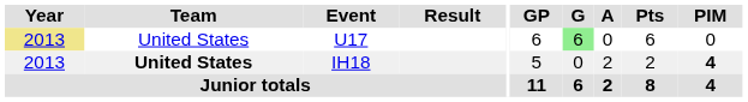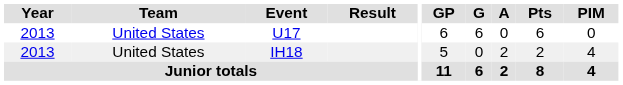 <table border="0" cellpadding="1" cellspacing="0" ID="Table3" style="text-align:center; width:40em">
 <tr ALIGN="center" bgcolor="#e0e0e0">
 <th>Year</th>
 <th>Team</th>
 <th>Event</th>
 <th>Result</th>
 <th rowspan="98" bgcolor="#ffffff"></th>
 <th>GP</th>
 <th>G</th>
 <th>A</th>
 <th>Pts</th>
 <th>PIM</th>
 </tr>
 <tr>
-<td style="background: khaki;"><a href='#'>2013</a></td>
+<td><a href='#'>2013</a></td>
 <td><a href='#'>United States</a></td>
 <td><a href='#'>U17</a></td>
 <td></td>
 <td>6</td>
-<td style="background: lightgreen;">6</td>
+<td>6</td>
 <td>0</td>
 <td>6</td>
 <td>0</td>
 </tr>
 <tr bgcolor="#f0f0f0">
 <td><a href='#'>2013</a></td>
-<td><strong>United States</strong></td>
+<td>United States</td>
 <td><a href='#'>IH18</a></td>
 <td></td>
 <td>5</td>
 <td>0</td>
 <td>2</td>
 <td>2</td>
-<td><strong>4</strong></td>
+<td>4</td>
 </tr>
 <tr ALIGN="center" bgcolor="#e0e0e0">
 <th colspan=4>Junior totals</th>
 <th>11</th>
 <th>6</th>
 <th>2</th>
 <th>8</th>
 <th>4</th>
 </tr>
 </table>
